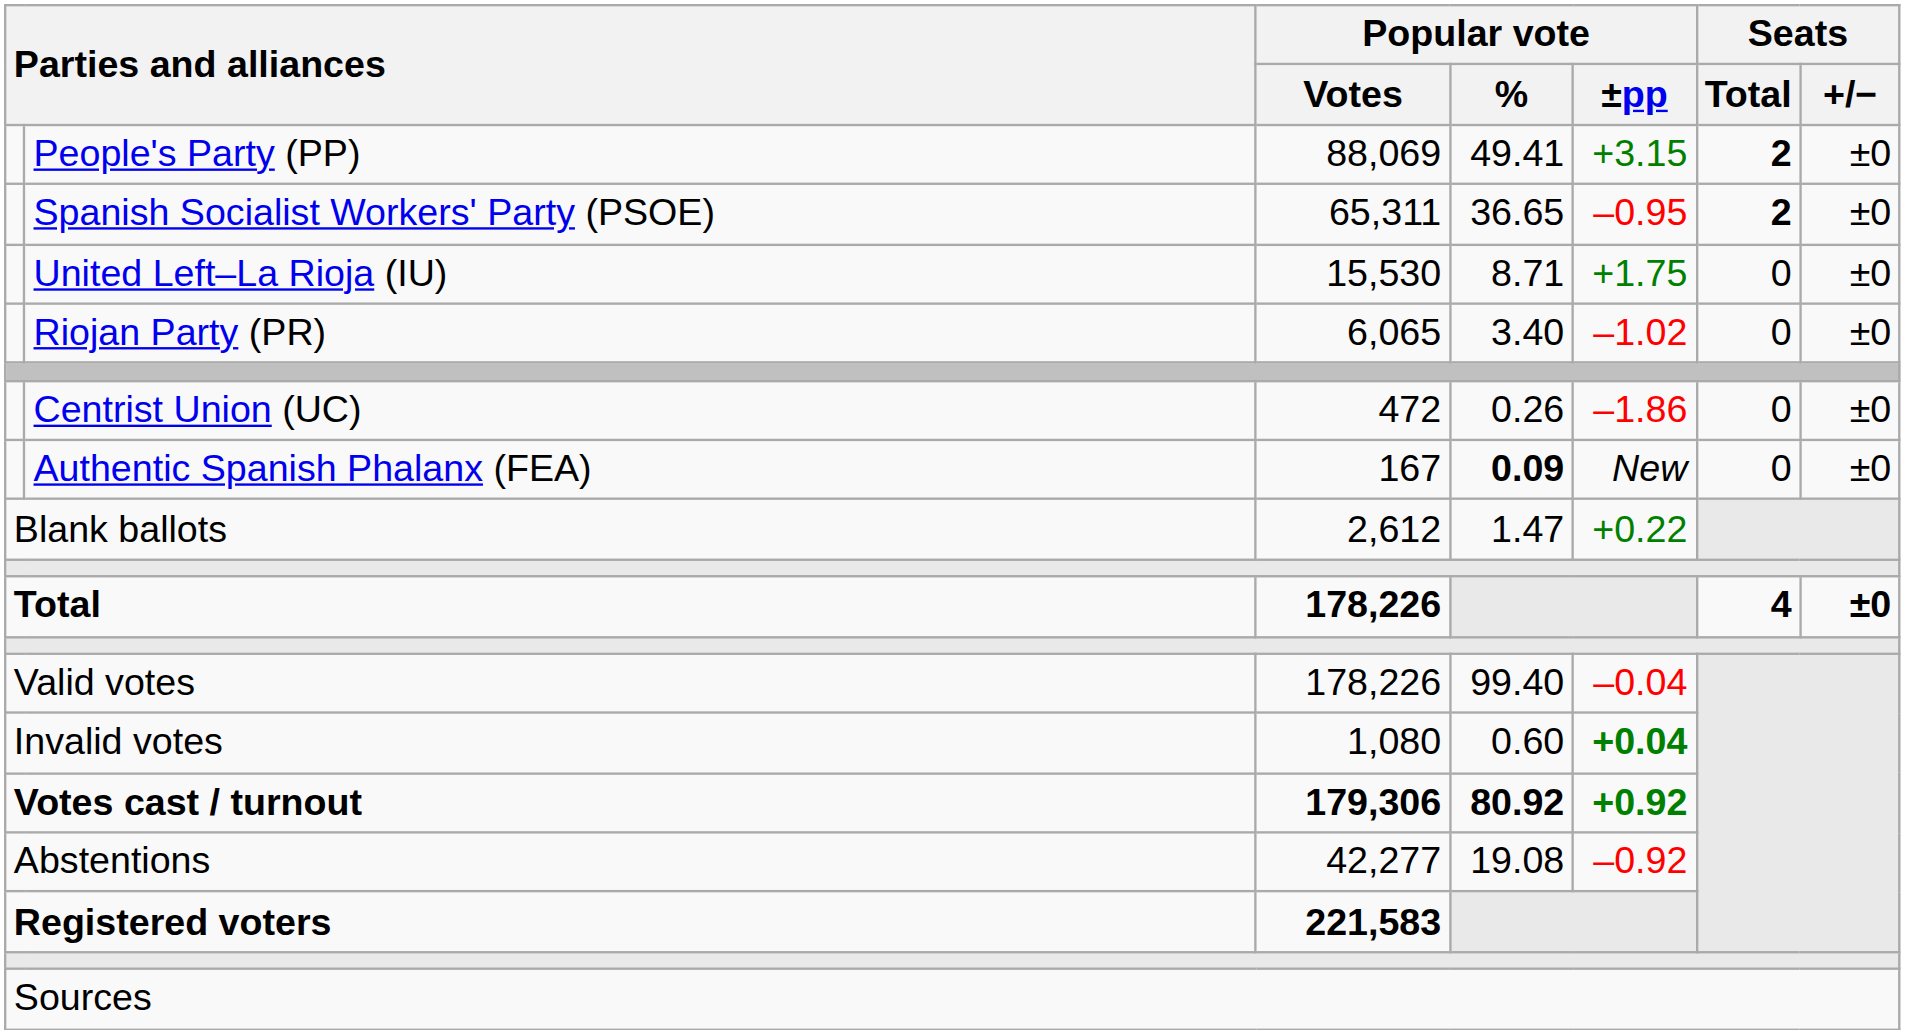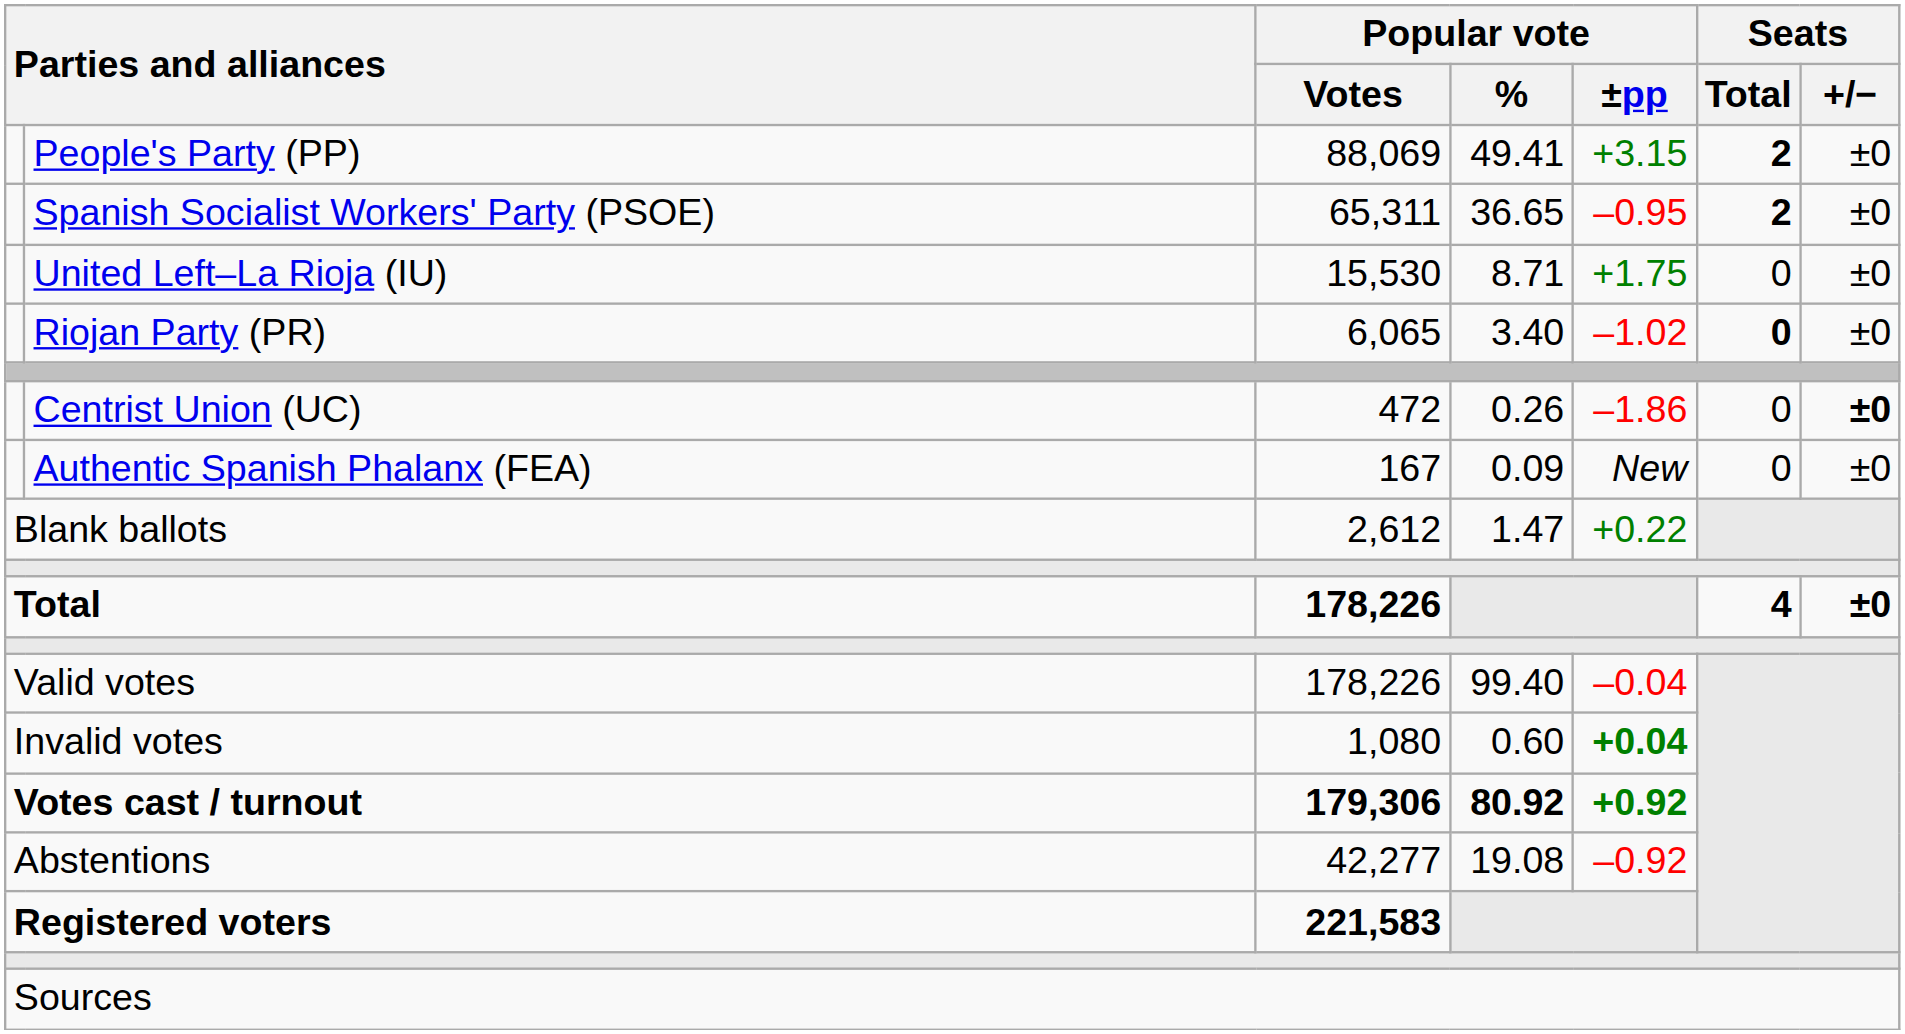 <table class="wikitable" style="text-align:right;">
 <tr>
 <th style="text-align:left;" rowspan="2" colspan="2" width="525">Parties and alliances</th>
 <th colspan="3">Popular vote</th>
 <th colspan="2">Seats</th>
 </tr>
 <tr>
 <th width="75">Votes</th>
 <th width="45">%</th>
 <th width="45">±<a href='#'>pp</a></th>
 <th width="35">Total</th>
 <th width="35">+/−</th>
 </tr>
 <tr>
 <td width="1" style="color:inherit;background:"></td>
 <td align="left"><a href='#'>People's Party</a> (PP)</td>
 <td>88,069</td>
 <td>49.41</td>
 <td style="color:green;">+3.15</td>
 <td><strong>2</strong></td>
 <td>±0</td>
 </tr>
 <tr>
 <td style="color:inherit;background:"></td>
 <td align="left"><a href='#'>Spanish Socialist Workers' Party</a> (PSOE)</td>
 <td>65,311</td>
 <td>36.65</td>
 <td style="color:red;">–0.95</td>
 <td><strong>2</strong></td>
 <td>±0</td>
 </tr>
 <tr>
 <td style="color:inherit;background:"></td>
 <td align="left"><a href='#'>United Left–La Rioja</a> (IU)</td>
 <td>15,530</td>
 <td>8.71</td>
 <td style="color:green;">+1.75</td>
 <td>0</td>
 <td>±0</td>
 </tr>
 <tr>
 <td style="color:inherit;background:"></td>
 <td align="left"><a href='#'>Riojan Party</a> (PR)</td>
 <td>6,065</td>
 <td>3.40</td>
 <td style="color:red;">–1.02</td>
-<td>0</td>
+<td><strong>0</strong></td>
 <td>±0</td>
 </tr>
 <tr>
 <td colspan="7" bgcolor="#C0C0C0"></td>
 </tr>
 <tr>
 <td style="color:inherit;background:"></td>
 <td align="left"><a href='#'>Centrist Union</a> (UC)</td>
 <td>472</td>
 <td>0.26</td>
 <td style="color:red;">–1.86</td>
 <td>0</td>
-<td>±0</td>
+<td><strong>±0</strong></td>
 </tr>
 <tr>
 <td style="color:inherit;background:"></td>
 <td align="left"><a href='#'>Authentic Spanish Phalanx</a> (FEA)</td>
 <td>167</td>
-<td><strong>0.09</strong></td>
+<td>0.09</td>
 <td><em>New</em></td>
 <td>0</td>
 <td>±0</td>
 </tr>
 <tr>
 <td align="left" colspan="2">Blank ballots</td>
 <td>2,612</td>
 <td>1.47</td>
 <td style="color:green;">+0.22</td>
 <td bgcolor="#E9E9E9" colspan="2"></td>
 </tr>
 <tr>
 <td colspan="7" bgcolor="#E9E9E9"></td>
 </tr>
 <tr style="font-weight:bold;">
 <td align="left" colspan="2">Total</td>
 <td>178,226</td>
 <td bgcolor="#E9E9E9" colspan="2"></td>
 <td>4</td>
 <td>±0</td>
 </tr>
 <tr>
 <td colspan="7" bgcolor="#E9E9E9"></td>
 </tr>
 <tr>
 <td align="left" colspan="2">Valid votes</td>
 <td>178,226</td>
 <td>99.40</td>
 <td style="color:red;">–0.04</td>
 <td bgcolor="#E9E9E9" colspan="2" rowspan="5"></td>
 </tr>
 <tr>
 <td align="left" colspan="2">Invalid votes</td>
 <td>1,080</td>
 <td>0.60</td>
 <td style="color:green;"><strong>+0.04</strong></td>
 </tr>
 <tr style="font-weight:bold;">
 <td align="left" colspan="2">Votes cast / turnout</td>
 <td>179,306</td>
 <td>80.92</td>
 <td style="color:green;">+0.92</td>
 </tr>
 <tr>
 <td align="left" colspan="2">Abstentions</td>
 <td>42,277</td>
 <td>19.08</td>
 <td style="color:red;">–0.92</td>
 </tr>
 <tr style="font-weight:bold;">
 <td align="left" colspan="2">Registered voters</td>
 <td>221,583</td>
 <td bgcolor="#E9E9E9" colspan="2"></td>
 </tr>
 <tr>
 <td colspan="7" bgcolor="#E9E9E9"></td>
 </tr>
 <tr>
 <td align="left" colspan="7">Sources</td>
 </tr>
 </table>
